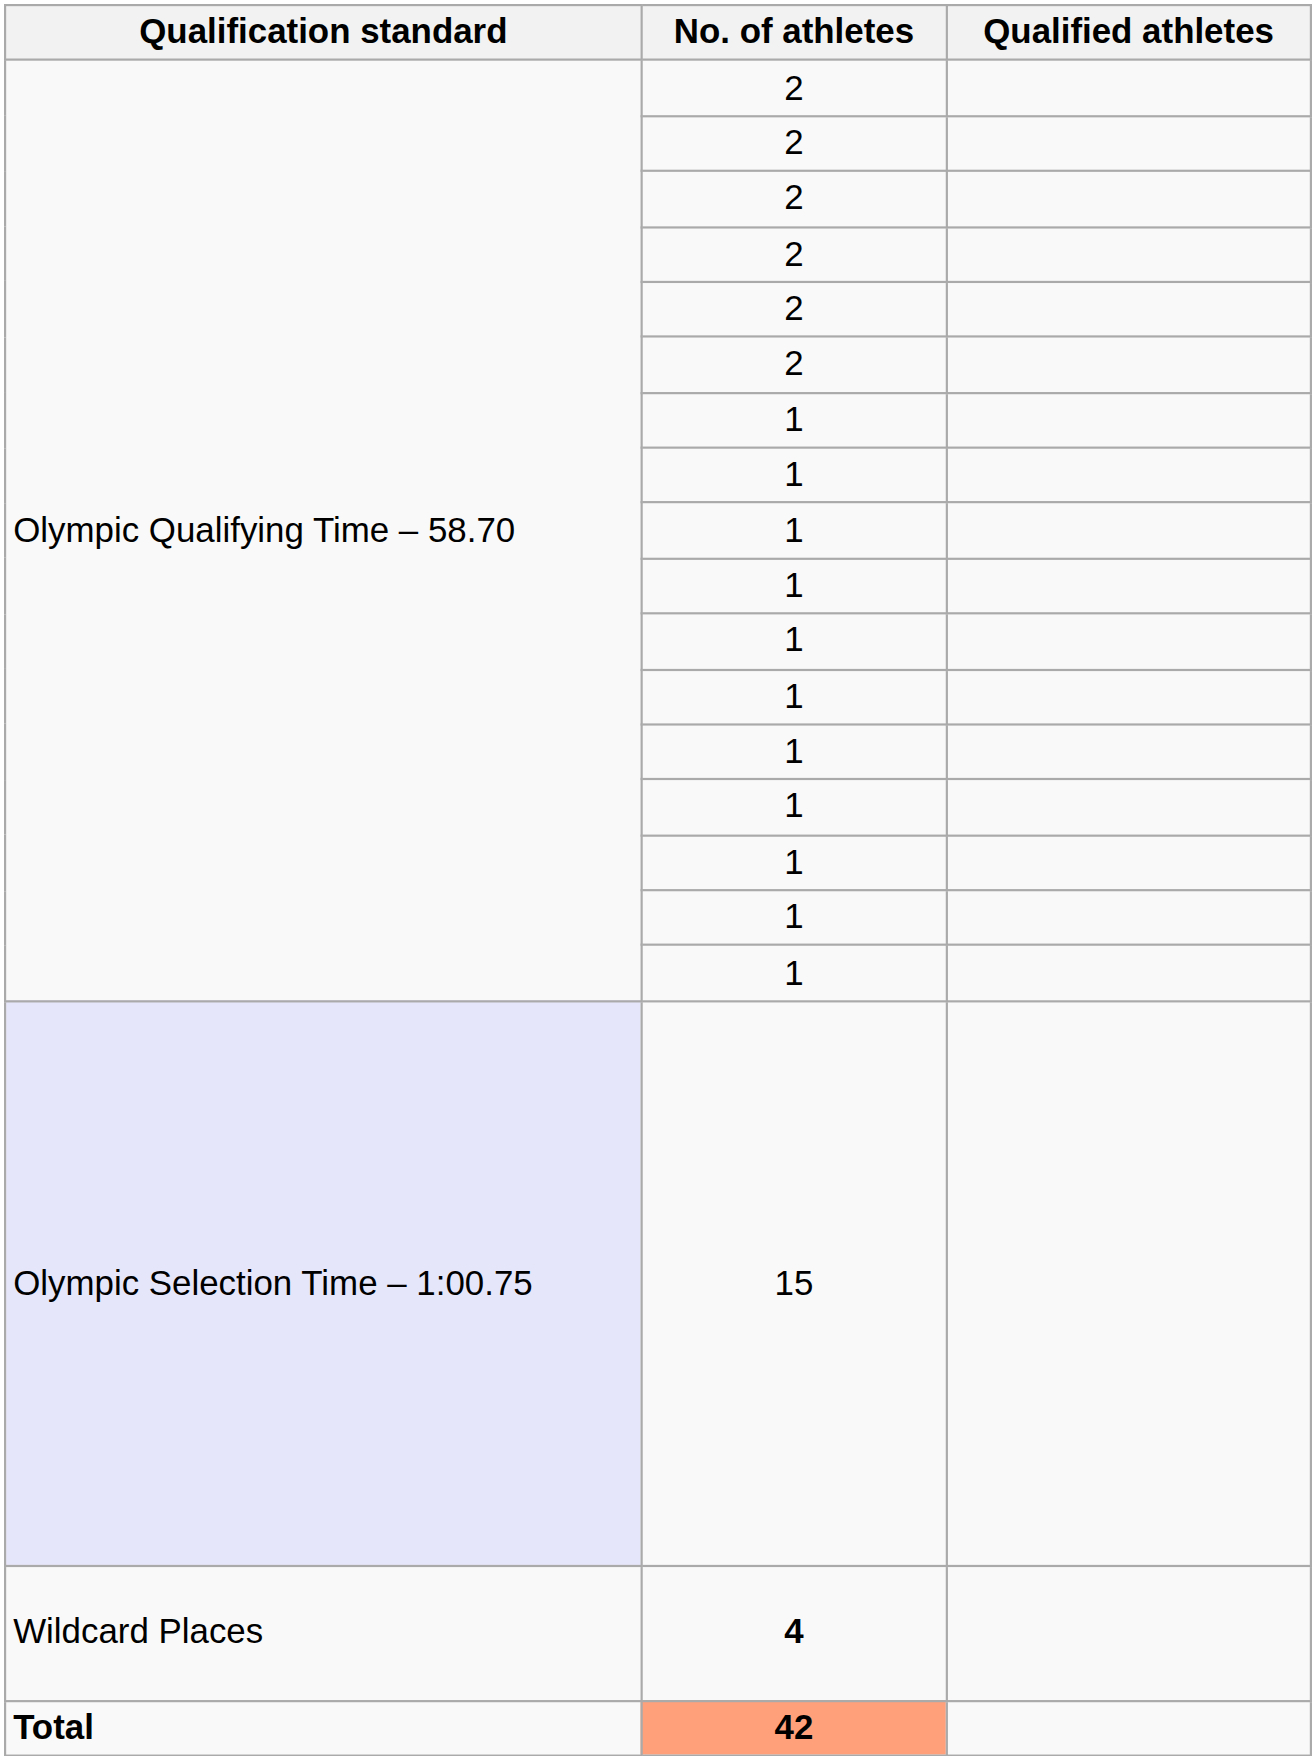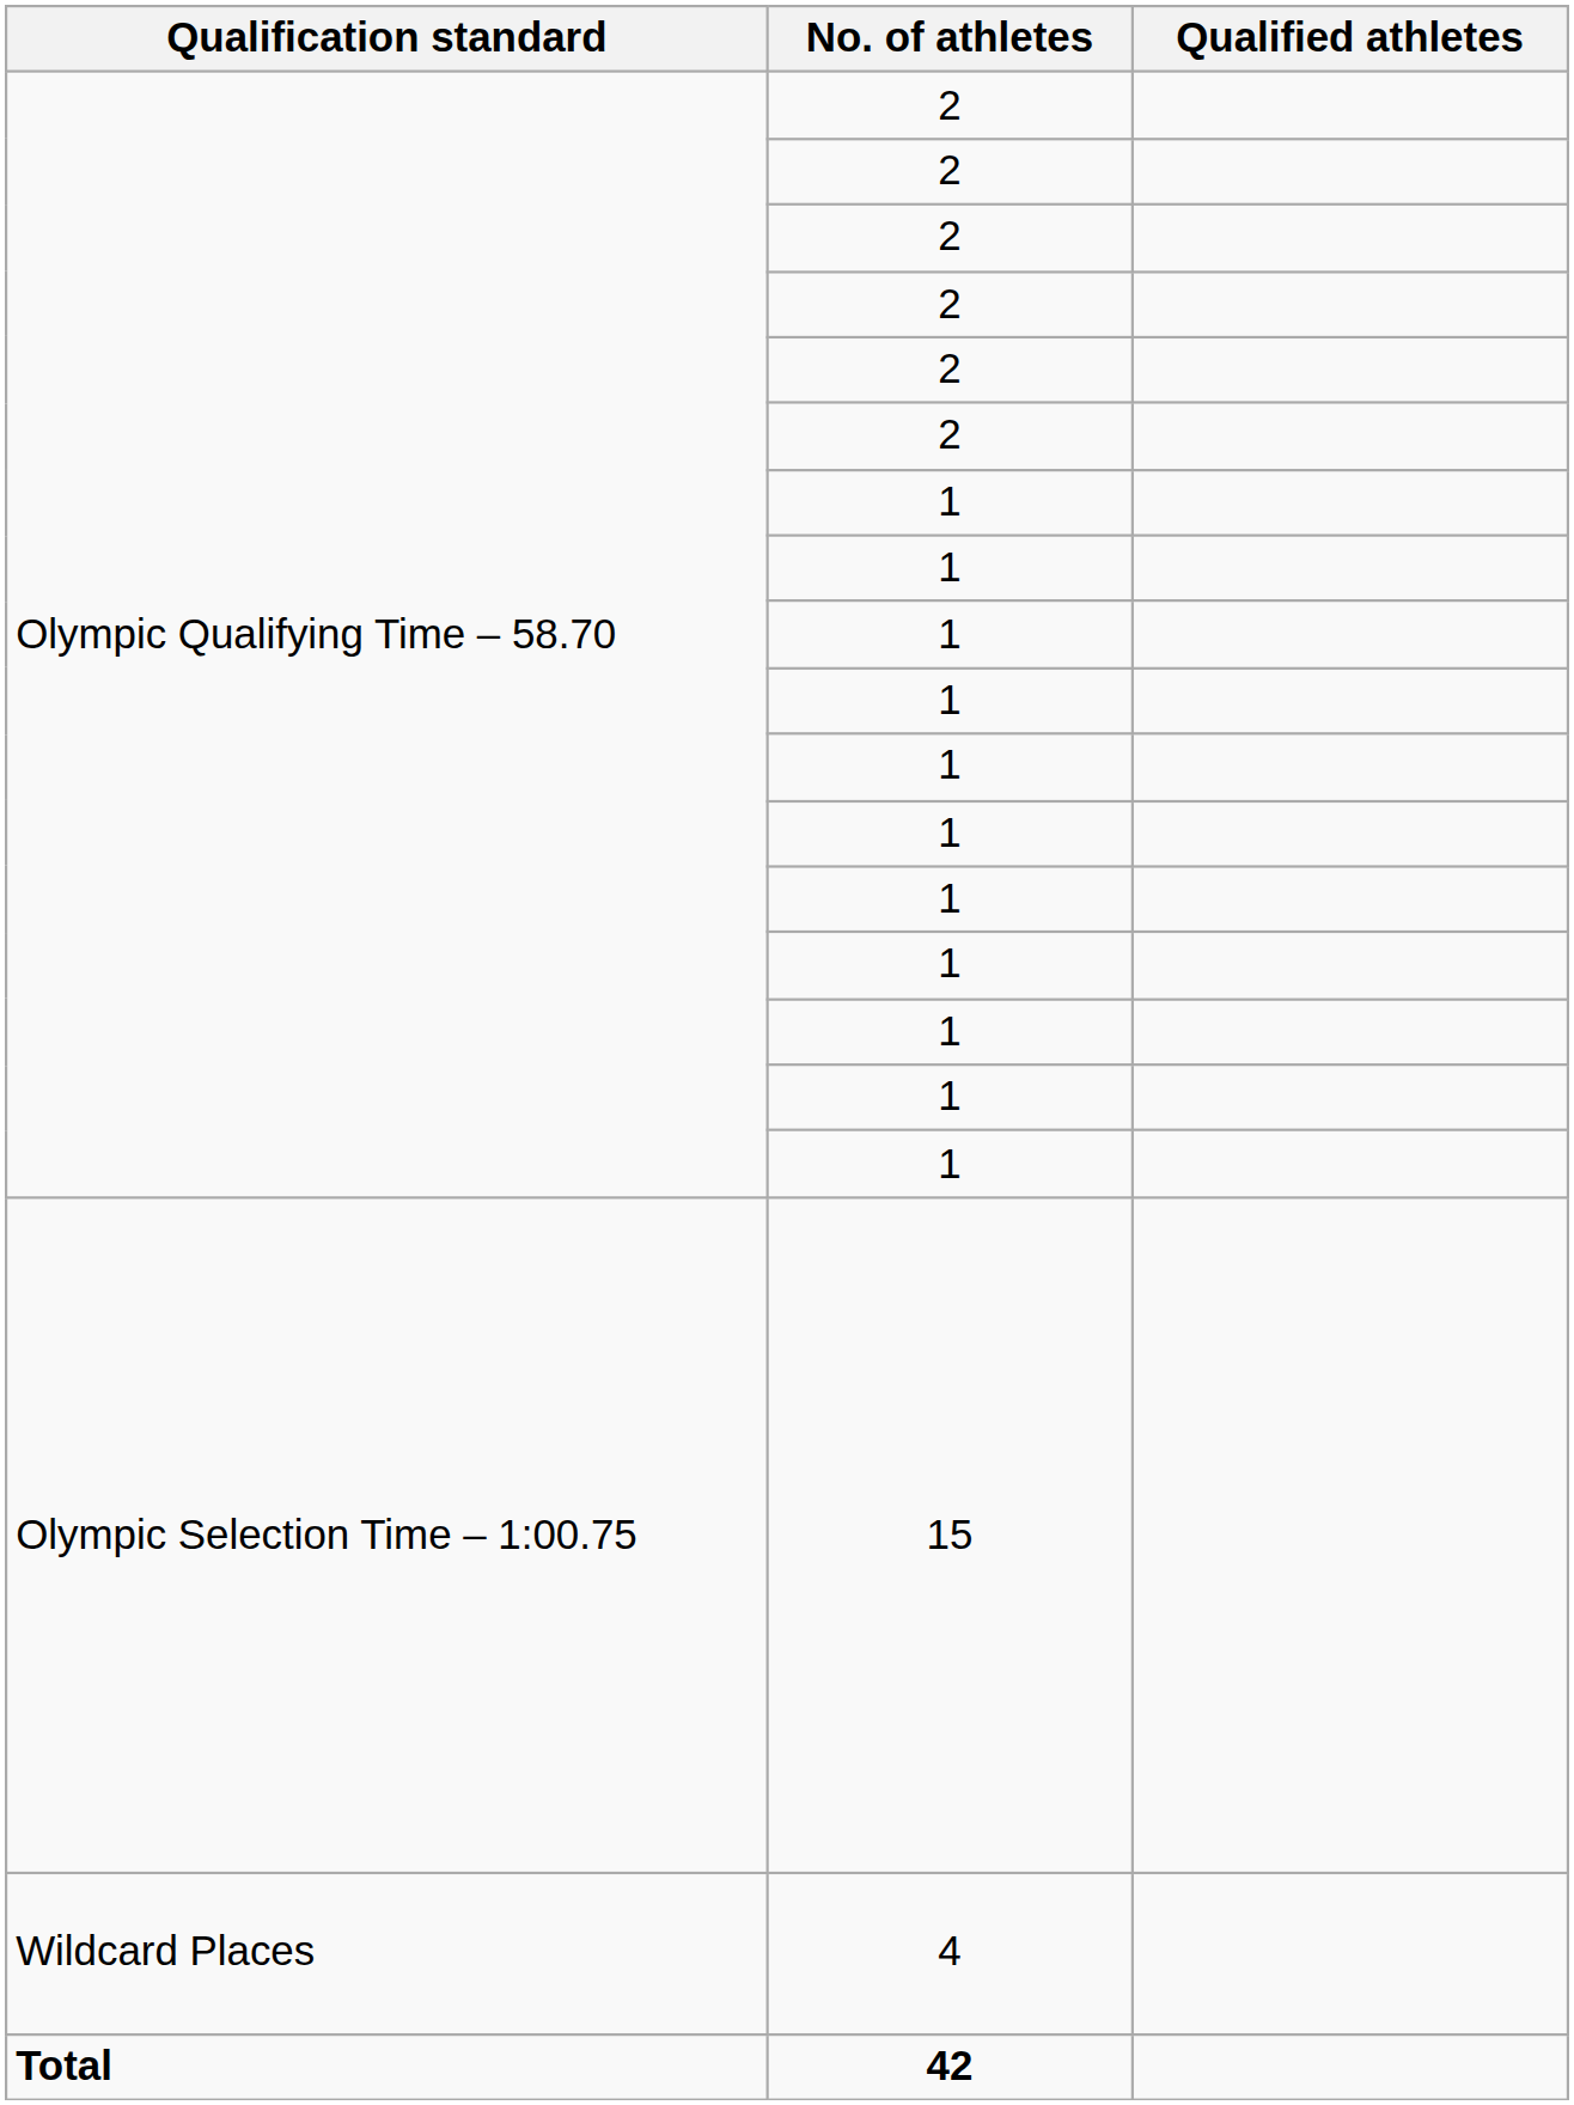 <table class=wikitable style="text-align:left" width=600>
 <tr>
 <th>Qualification standard</th>
 <th>No. of athletes</th>
 <th>Qualified athletes</th>
 </tr>
 <tr>
 <td rowspan="17">Olympic Qualifying Time – 58.70</td>
 <td align=center>2</td>
 <td><br></td>
 </tr>
 <tr>
 <td align=center>2</td>
 <td> <br></td>
 </tr>
 <tr>
 <td align=center>2</td>
 <td><br></td>
 </tr>
 <tr>
 <td align=center>2</td>
 <td><br></td>
 </tr>
 <tr>
 <td align=center>2</td>
 <td><br></td>
 </tr>
 <tr>
 <td align=center>2</td>
 <td><br></td>
 </tr>
 <tr>
 <td align=center>1</td>
 <td></td>
 </tr>
 <tr>
 <td align=center>1</td>
 <td></td>
 </tr>
 <tr>
 <td align=center>1</td>
 <td></td>
 </tr>
 <tr>
 <td align=center>1</td>
 <td></td>
 </tr>
 <tr>
 <td align=center>1</td>
 <td></td>
 </tr>
 <tr>
 <td align=center>1</td>
 <td></td>
 </tr>
 <tr>
 <td align=center>1</td>
 <td></td>
 </tr>
 <tr>
 <td align=center>1</td>
 <td></td>
 </tr>
 <tr>
 <td align=center>1</td>
 <td></td>
 </tr>
 <tr>
 <td align=center>1</td>
 <td></td>
 </tr>
 <tr>
 <td align=center>1</td>
 <td></td>
 </tr>
 <tr>
-<td rowspan="1" style="background: lavender;">Olympic Selection Time – 1:00.75</td>
+<td rowspan="1">Olympic Selection Time – 1:00.75</td>
 <td align=center>15</td>
 <td> <br>  <br><br>   <br>  <br>  <br>  <br>  <br>  <br> <br><br> <br><br><br></td>
 </tr>
 <tr>
 <td rowspan="1">Wildcard Places</td>
-<td align=center><strong>4</strong></td>
+<td align=center>4</td>
 <td><br><br><br></td>
 </tr>
 <tr>
 <td><strong>Total</strong></td>
-<td align=center style="background: lightsalmon;"><strong>42</strong></td>
+<td align=center><strong>42</strong></td>
 <td></td>
 </tr>
 </table>
